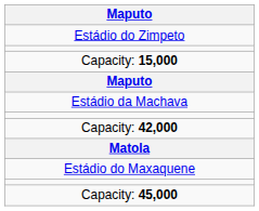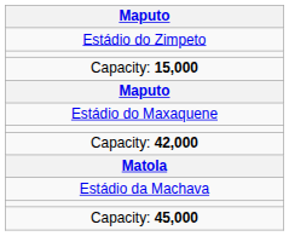 <table class="wikitable" style="text-align:center">
 <tr>
 <th width=55%><a href='#'>Maputo</a></th>
 </tr>
 <tr>
 <td><a href='#'>Estádio do Zimpeto</a></td>
 </tr>
 <tr>
 <td></td>
 </tr>
 <tr>
 <td>Capacity: <strong>15,000</strong></td>
 </tr>
 <tr>
 <th width=55%><a href='#'>Maputo</a></th>
 </tr>
 <tr>
-<td><a href='#'>Estádio da Machava</a></td>
+<td><a href='#'>Estádio do Maxaquene</a></td>
 </tr>
 <tr>
 <td></td>
 </tr>
 <tr>
 <td>Capacity: <strong>42,000</strong></td>
 </tr>
 <tr>
 <th width=55%><a href='#'>Matola</a></th>
 </tr>
 <tr>
-<td><a href='#'>Estádio do Maxaquene</a></td>
+<td><a href='#'>Estádio da Machava</a></td>
 </tr>
 <tr>
 <td></td>
 </tr>
 <tr>
 <td>Capacity: <strong>45,000</strong></td>
 </tr>
 </table>
